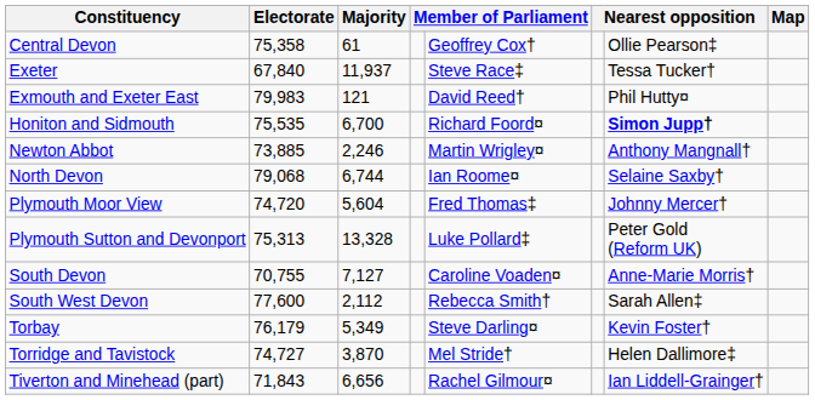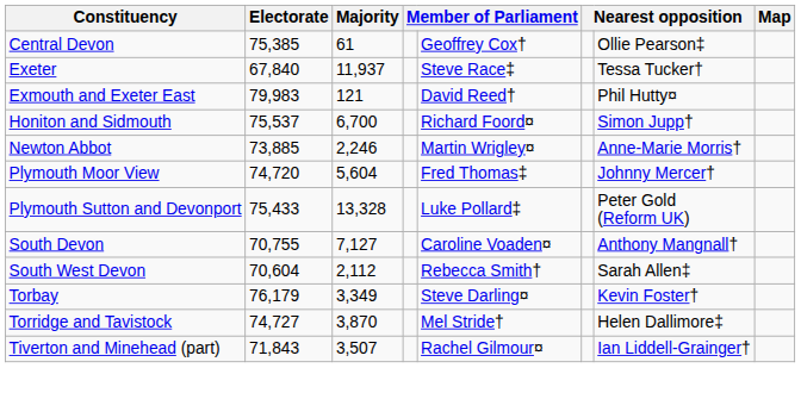 <table class="wikitable sortable">
 <tr>
 <th rowspan="1">Constituency</th>
 <th rowspan="1">Electorate</th>
 <th rowspan="1">Majority</th>
 <th colspan="2" class="unsortable"><a href='#'>Member of Parliament</a></th>
 <th colspan="2" class="unsortable">Nearest opposition</th>
 <th rowspan="1" class="unsortable">Map</th>
 </tr>
 <tr>
 <td><a href='#'>Central Devon</a></td>
-<td>75,358</td>
+<td>75,385</td>
 <td>61</td>
 <td style="color:inherit;background:"> </td>
 <td><a href='#'>Geoffrey Cox</a>†</td>
 <td style="color:inherit;background:"> </td>
 <td>Ollie Pearson‡</td>
 <td></td>
 </tr>
 <tr>
 <td><a href='#'>Exeter</a></td>
 <td>67,840</td>
 <td>11,937</td>
 <td style="color:inherit;background:"> </td>
 <td><a href='#'>Steve Race</a>‡</td>
 <td style="color:inherit;background:"> </td>
 <td>Tessa Tucker†</td>
 <td></td>
 </tr>
 <tr>
 <td><a href='#'>Exmouth and Exeter East</a></td>
 <td>79,983</td>
 <td>121</td>
 <td style="color:inherit;background:"> </td>
 <td><a href='#'>David Reed</a>†</td>
 <td style="color:inherit;background:"> </td>
 <td>Phil Hutty¤</td>
 <td></td>
 </tr>
 <tr>
 <td><a href='#'>Honiton and Sidmouth</a></td>
-<td>75,535</td>
+<td>75,537</td>
 <td>6,700</td>
 <td style="color:inherit;background:"> </td>
 <td><a href='#'>Richard Foord</a>¤</td>
 <td style="color:inherit;background:"> </td>
-<td><strong><a href='#'>Simon Jupp</a>†</strong></td>
+<td><a href='#'>Simon Jupp</a>†</td>
 <td></td>
 </tr>
 <tr>
 <td><a href='#'>Newton Abbot</a></td>
 <td>73,885</td>
 <td>2,246</td>
 <td style="color:inherit;background:"> </td>
 <td><a href='#'>Martin Wrigley</a>¤</td>
 <td style="color:inherit;background:"> </td>
-<td><a href='#'>Anthony Mangnall</a>†</td>
-<td></td>
-</tr>
-<tr>
-<td><a href='#'>North Devon</a></td>
-<td>79,068</td>
-<td>6,744</td>
-<td style="color:inherit;background:"> </td>
-<td><a href='#'>Ian Roome</a>¤</td>
-<td style="color:inherit;background:"> </td>
-<td><a href='#'>Selaine Saxby</a>†</td>
+<td><a href='#'>Anne-Marie Morris</a>†</td>
 <td></td>
 </tr>
 <tr>
 <td><a href='#'>Plymouth Moor View</a></td>
 <td>74,720</td>
 <td>5,604</td>
 <td style="color:inherit;background:"> </td>
 <td><a href='#'>Fred Thomas</a>‡</td>
 <td style="color:inherit;background:"> </td>
 <td><a href='#'>Johnny Mercer</a>†</td>
 <td></td>
 </tr>
 <tr>
 <td><a href='#'>Plymouth Sutton and Devonport</a></td>
-<td>75,313</td>
+<td>75,433</td>
 <td>13,328</td>
 <td style="color:inherit;background:"> </td>
 <td><a href='#'>Luke Pollard</a>‡</td>
 <td style="color:inherit;background:"> </td>
 <td>Peter Gold<br>(<a href='#'>Reform UK</a>)</td>
 <td></td>
 </tr>
 <tr>
 <td><a href='#'>South Devon</a></td>
 <td>70,755</td>
 <td>7,127</td>
 <td style="color:inherit;background:"> </td>
 <td><a href='#'>Caroline Voaden</a>¤</td>
 <td style="color:inherit;background:"> </td>
-<td><a href='#'>Anne-Marie Morris</a>†</td>
+<td><a href='#'>Anthony Mangnall</a>†</td>
 <td></td>
 </tr>
 <tr>
 <td><a href='#'>South West Devon</a></td>
-<td>77,600</td>
+<td>70,604</td>
 <td>2,112</td>
 <td style="color:inherit;background:"> </td>
 <td><a href='#'>Rebecca Smith</a>†</td>
 <td style="color:inherit;background:"> </td>
 <td>Sarah Allen‡</td>
 <td></td>
 </tr>
 <tr>
 <td><a href='#'>Torbay</a></td>
 <td>76,179</td>
-<td>5,349</td>
+<td>3,349</td>
 <td style="color:inherit;background:"> </td>
 <td><a href='#'>Steve Darling</a>¤</td>
 <td style="color:inherit;background:"> </td>
 <td><a href='#'>Kevin Foster</a>†</td>
 <td></td>
 </tr>
 <tr>
 <td><a href='#'>Torridge and Tavistock</a></td>
 <td>74,727</td>
 <td>3,870</td>
 <td style="color:inherit;background:"> </td>
 <td><a href='#'>Mel Stride</a>†</td>
 <td style="color:inherit;background:"> </td>
 <td>Helen Dallimore‡</td>
 <td></td>
 </tr>
 <tr>
 <td><a href='#'>Tiverton and Minehead</a> (part)</td>
 <td>71,843</td>
-<td>6,656</td>
+<td>3,507</td>
 <td style="color:inherit;background:"> </td>
 <td><a href='#'>Rachel Gilmour</a>¤</td>
 <td style="color:inherit;background:"> </td>
 <td><a href='#'>Ian Liddell-Grainger</a>†</td>
 <td></td>
 </tr>
 </table>
